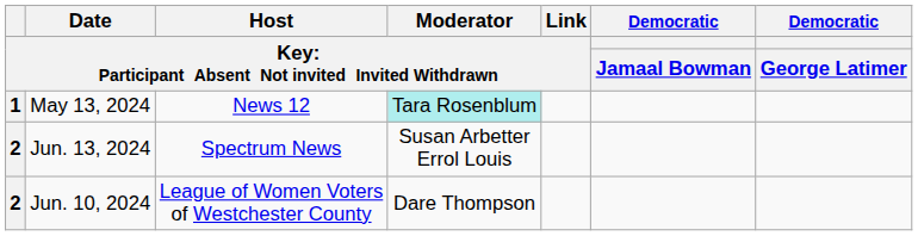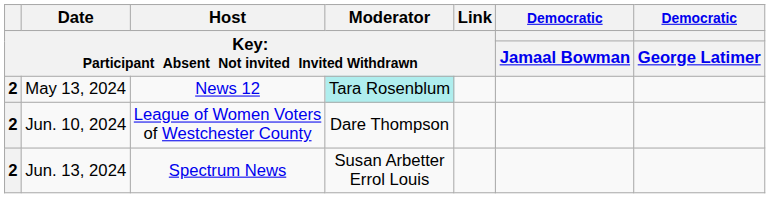 <table class="wikitable" style="text-align:center;">
 <tr>
 <th scope="col"></th>
 <th scope="col">Date</th>
 <th scope="col">Host</th>
 <th scope="col">Moderator</th>
 <th scope="col">Link</th>
 <th scope="col"><small><a href='#'>Democratic</a></small></th>
 <th scope="col"><small><a href='#'>Democratic</a></small></th>
 </tr>
 <tr>
 <th colspan="5" rowspan="2">Key:<br> <small>Participant </small>  <small>Absent </small>  <small>Not invited </small>  <small>Invited  Withdrawn</small></th>
 <th scope="col" style="background:"></th>
 <th scope="col" style="background:"></th>
 </tr>
 <tr>
 <th scope="col"><a href='#'>Jamaal Bowman</a></th>
 <th scope="col"><a href='#'>George Latimer</a></th>
 </tr>
 <tr>
-<th>1</th>
+<th>2</th>
 <td style="white-space:nowrap;">May 13, 2024</td>
 <td style="white-space:nowrap;"><a href='#'>News 12</a></td>
 <td style="background: paleturquoise; white-space:nowrap;">Tara Rosenblum</td>
+<td style="white-space:nowrap;"></td>
+<td></td>
+<td></td>
+</tr>
+<tr>
+<th>2</th>
+<td style="white-space:nowrap;">Jun. 10, 2024</td>
+<td style="white-space:nowrap;"><a href='#'>League of Women Voters</a><br>of <a href='#'>Westchester County</a></td>
+<td style="white-space:nowrap;">Dare Thompson</td>
 <td style="white-space:nowrap;"></td>
 <td></td>
 <td></td>
 </tr>
 <tr>
 <th>2</th>
 <td style="white-space:nowrap;">Jun. 13, 2024</td>
 <td style="white-space:nowrap;"><a href='#'>Spectrum News</a></td>
 <td style="white-space:nowrap;">Susan Arbetter<br>Errol Louis</td>
 <td style="white-space:nowrap;"></td>
 <td></td>
 <td></td>
 </tr>
-<tr>
-<th>2</th>
-<td style="white-space:nowrap;">Jun. 10, 2024</td>
-<td style="white-space:nowrap;"><a href='#'>League of Women Voters</a><br>of <a href='#'>Westchester County</a></td>
-<td style="white-space:nowrap;">Dare Thompson</td>
-<td style="white-space:nowrap;"></td>
-<td></td>
-<td></td>
-</tr>
 </table>
